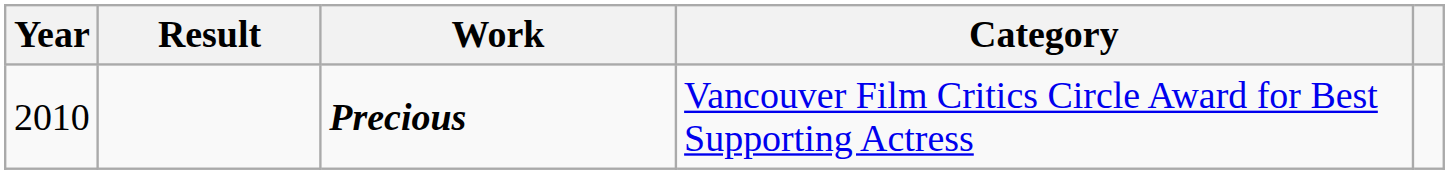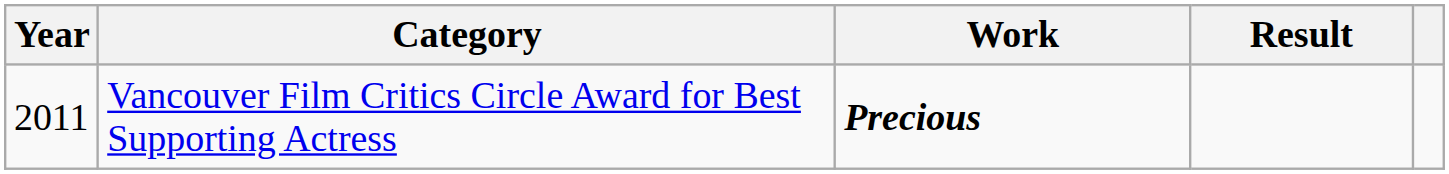 <table class="wikitable">
 <tr>
 <th scope="col" style="width:1em;">Year</th>
+<th scope="col" style="width:44em;">Category</th>
+<th scope="col" style="width:18em;">Work</th>
 <th scope="col" style="width:10em;">Result</th>
-<th scope="col" style="width:18em;">Work</th>
-<th scope="col" style="width:44em;">Category</th>
 <th class="unsortable" style="width:1em;"></th>
 </tr>
 <tr>
-<td>2010</td>
+<td>2011</td>
+<td><a href='#'>Vancouver Film Critics Circle Award for Best Supporting Actress</a> </td>
+<td><strong><em>Precious</em></strong></td>
 <td></td>
-<td><strong><em>Precious</em></strong></td>
-<td><a href='#'>Vancouver Film Critics Circle Award for Best Supporting Actress</a> </td>
 <td></td>
 </tr>
 </table>
